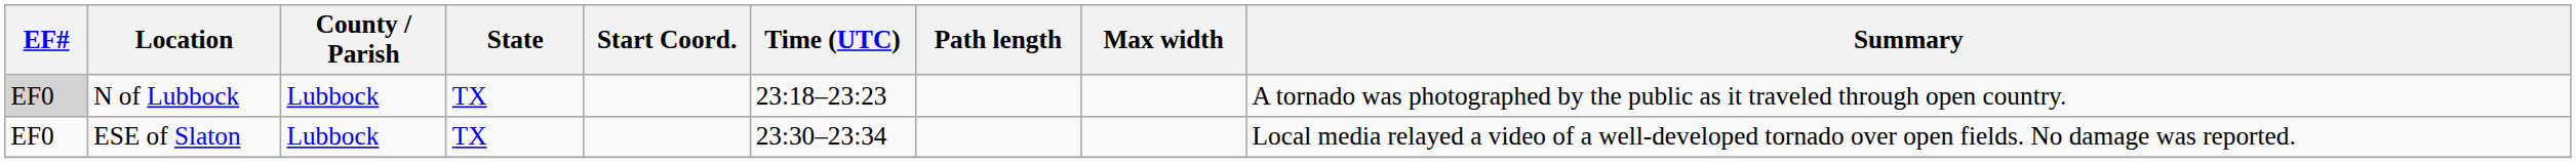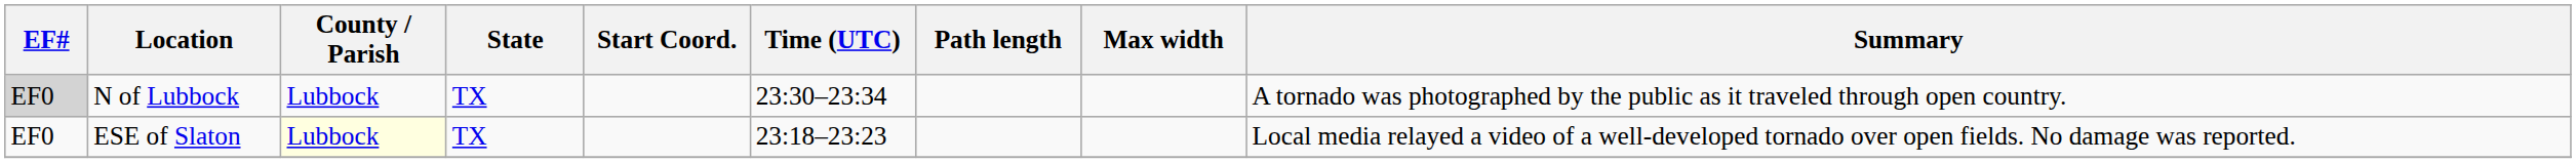 <table class="wikitable sortable" style="width:100%;">
 <tr>
 <th scope="col"  style="width:3%; text-align:center;"><a href='#'>EF#</a></th>
 <th scope="col"  style="width:7%; text-align:center;" class="unsortable">Location</th>
 <th scope="col"  style="width:6%; text-align:center;" class="unsortable">County / Parish</th>
 <th scope="col"  style="width:5%; text-align:center;">State</th>
 <th scope="col"  style="width:6%; text-align:center;">Start Coord.</th>
 <th scope="col"  style="width:6%; text-align:center;">Time (<a href='#'>UTC</a>)</th>
 <th scope="col"  style="width:6%; text-align:center;">Path length</th>
 <th scope="col"  style="width:6%; text-align:center;">Max width</th>
 <th scope="col" class="unsortable" style="width:48%; text-align:center;">Summary</th>
 </tr>
 <tr>
 <td style="background: lightgrey;">EF0</td>
 <td>N of <a href='#'>Lubbock</a></td>
 <td><a href='#'>Lubbock</a></td>
 <td><a href='#'>TX</a></td>
 <td></td>
-<td>23:18–23:23</td>
+<td>23:30–23:34</td>
 <td></td>
 <td></td>
 <td>A tornado was photographed by the public as it traveled through open country.</td>
 </tr>
 <tr>
 <td>EF0</td>
 <td>ESE of <a href='#'>Slaton</a></td>
-<td><a href='#'>Lubbock</a></td>
+<td style="background: lightyellow;"><a href='#'>Lubbock</a></td>
 <td><a href='#'>TX</a></td>
 <td></td>
-<td>23:30–23:34</td>
+<td>23:18–23:23</td>
 <td></td>
 <td></td>
 <td>Local media relayed a video of a well-developed tornado over open fields. No damage was reported.</td>
 </tr>
 <tr>
 </tr>
 </table>
